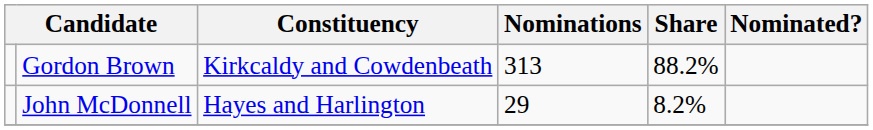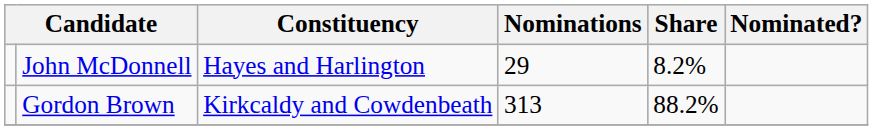 <table class ="wikitable sortable">
 <tr>
 <th colspan=2>Candidate</th>
 <th>Constituency</th>
 <th>Nominations</th>
 <th>Share</th>
 <th>Nominated?</th>
 </tr>
 <tr>
 <td style="background:"></td>
+<td><a href='#'>John McDonnell</a></td>
+<td><a href='#'>Hayes and Harlington</a></td>
+<td>29</td>
+<td>8.2%</td>
+<td></td>
+</tr>
+<tr>
+<td style="background:"></td>
 <td><a href='#'>Gordon Brown</a></td>
 <td><a href='#'>Kirkcaldy and Cowdenbeath</a></td>
 <td>313</td>
 <td>88.2%</td>
 <td></td>
 </tr>
 <tr>
-<td style="background:"></td>
-<td><a href='#'>John McDonnell</a></td>
-<td><a href='#'>Hayes and Harlington</a></td>
-<td>29</td>
-<td>8.2%</td>
-<td></td>
-</tr>
-<tr>
 </tr>
 </table>
